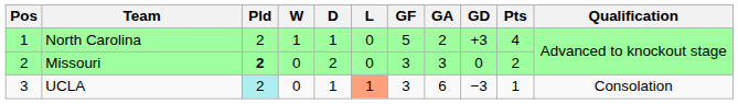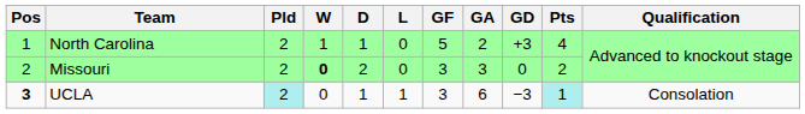 <table class="wikitable" style="text-align:center; margin: 1em auto">
 <tr>
 <th style="width:2em">Pos</th>
 <th style="width:13em">Team</th>
 <th style="width:2em">Pld</th>
 <th style="width:2em">W</th>
 <th style="width:2em">D</th>
 <th style="width:2em">L</th>
 <th style="width:2em">GF</th>
 <th style="width:2em">GA</th>
 <th style="width:2em">GD</th>
 <th style="width:2em">Pts</th>
 <th style="width:13em">Qualification</th>
 </tr>
 <tr bgcolor="#9eff9e">
 <td>1</td>
 <td style="text-align:left">North Carolina</td>
 <td>2</td>
 <td>1</td>
 <td>1</td>
 <td>0</td>
 <td>5</td>
 <td>2</td>
 <td>+3</td>
 <td>4</td>
 <td rowspan="2">Advanced to knockout stage</td>
 </tr>
 <tr bgcolor="#9eff9e">
 <td>2</td>
 <td style="text-align:left">Missouri</td>
-<td><strong>2</strong></td>
-<td>0</td>
+<td>2</td>
+<td><strong>0</strong></td>
 <td>2</td>
 <td>0</td>
 <td>3</td>
 <td>3</td>
 <td>0</td>
 <td>2</td>
 </tr>
 <tr>
-<td>3</td>
+<td><strong>3</strong></td>
 <td style="text-align:left">UCLA</td>
 <td style="background: paleturquoise;">2</td>
 <td>0</td>
 <td>1</td>
-<td style="background: lightsalmon;">1</td>
+<td>1</td>
 <td>3</td>
 <td>6</td>
 <td>−3</td>
-<td>1</td>
+<td style="background: paleturquoise;">1</td>
 <td>Consolation</td>
 </tr>
 </table>
